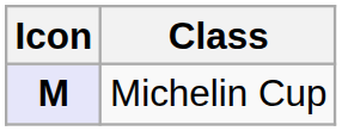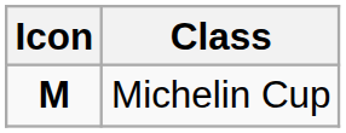 <table class="wikitable" style="font-size: 85%;">
 <tr>
 <th>Icon</th>
 <th>Class</th>
 </tr>
 <tr>
-<td align=center style="background: lavender;"><strong><span>M</span></strong></td>
+<td align=center><strong><span>M</span></strong></td>
 <td>Michelin Cup</td>
 </tr>
 </table>
